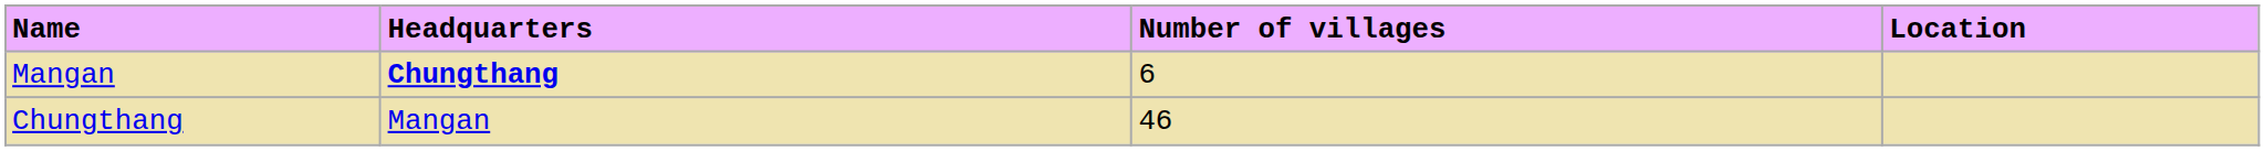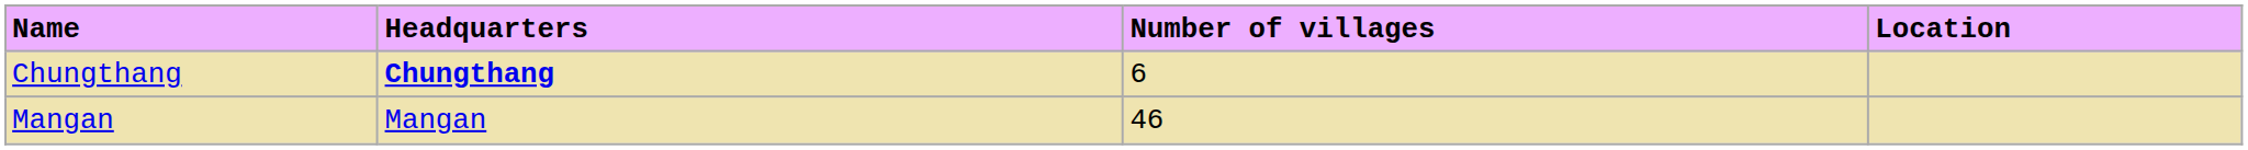 <table class="wikitable sortable" width=65% style="border:1px solid black">
 <tr bgcolor=#EDAFFF>
 <td width="10%"><strong>Name</strong></td>
 <td width="20%"><strong>Headquarters</strong></td>
 <td width="20%"><strong>Number of villages</strong></td>
 <td width="10%"><strong>Location</strong></td>
 </tr>
 <tr bgcolor=#EFE4B0>
-<td><a href='#'>Mangan</a></td>
+<td><a href='#'>Chungthang</a></td>
 <td><strong><a href='#'>Chungthang</a></strong></td>
 <td>6</td>
 <td></td>
 </tr>
 <tr bgcolor=#EFE4B0>
-<td><a href='#'>Chungthang</a></td>
+<td><a href='#'>Mangan</a></td>
 <td><a href='#'>Mangan</a></td>
 <td>46</td>
 <td></td>
 </tr>
 </table>
